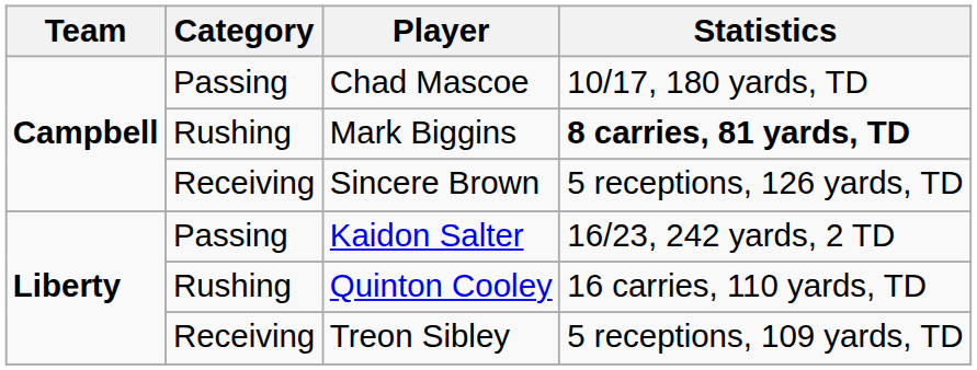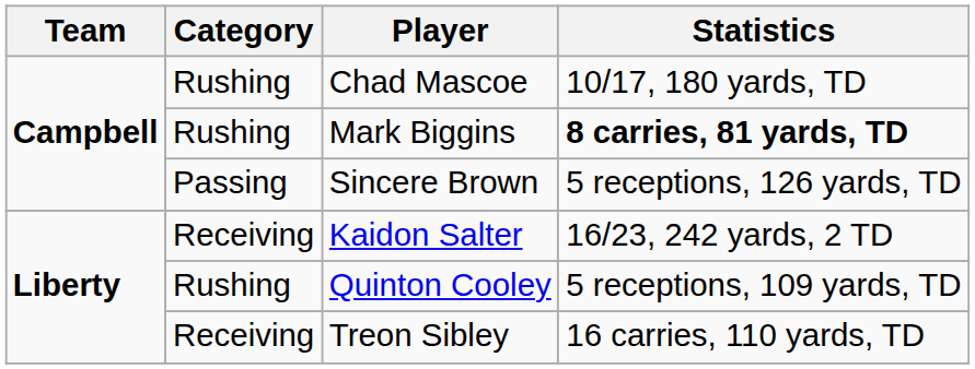 <table class="wikitable" style="float: right;">
 <tr>
 <th>Team</th>
 <th>Category</th>
 <th>Player</th>
 <th>Statistics</th>
 </tr>
 <tr>
 <td rowspan=3><strong>Campbell</strong></td>
-<td>Passing</td>
+<td>Rushing</td>
 <td>Chad Mascoe</td>
 <td>10/17, 180 yards, TD</td>
 </tr>
 <tr>
 <td>Rushing</td>
 <td>Mark Biggins</td>
 <td><strong>8 carries, 81 yards, TD</strong></td>
 </tr>
 <tr>
-<td>Receiving</td>
+<td>Passing</td>
 <td>Sincere Brown</td>
 <td>5 receptions, 126 yards, TD</td>
 </tr>
 <tr>
 <td rowspan=3><strong>Liberty</strong></td>
-<td>Passing</td>
+<td>Receiving</td>
 <td><a href='#'>Kaidon Salter</a></td>
 <td>16/23, 242 yards, 2 TD</td>
 </tr>
 <tr>
 <td>Rushing</td>
 <td><a href='#'>Quinton Cooley</a></td>
-<td>16 carries, 110 yards, TD</td>
+<td>5 receptions, 109 yards, TD</td>
 </tr>
 <tr>
 <td>Receiving</td>
 <td>Treon Sibley</td>
-<td>5 receptions, 109 yards, TD</td>
+<td>16 carries, 110 yards, TD</td>
 </tr>
 </table>
